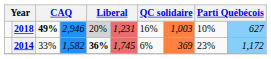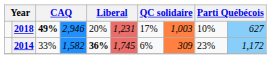 <table class="wikitable" style="float:right; width:400; font-size:90%; margin-left:1em;">
 <tr>
 <th colspan="2" scope="col">Year</th>
 <th colspan="2" scope="col"><a href='#'>CAQ</a></th>
 <th colspan="2" scope="col"><a href='#'>Liberal</a></th>
 <th colspan="2" scope="col"><a href='#'>QC solidaire</a></th>
 <th colspan="2" scope="col"><a href='#'>Parti Québécois</a></th>
 </tr>
 <tr>
 <td style="width: 0.25em; background-color: "></td>
 <th><a href='#'>2018</a></th>
 <td><strong>49%</strong></td>
 <td style="text-align:right; background:#1E90FF;"><em>2,946</em></td>
-<td style="background: lightgrey;">20%</td>
+<td>20%</td>
 <td style="text-align:right; background:#EA6D6A;"><em>1,231</em></td>
-<td>16%</td>
+<td>17%</td>
 <td style="text-align:right; background:#FF8040;"><em>1,003</em></td>
 <td>10%</td>
 <td style="text-align:right; background:#87CEFA;"><em>627</em></td>
 </tr>
 <tr>
 <td style="width: 0.25em; background-color: "></td>
 <th><a href='#'>2014</a></th>
 <td>33%</td>
 <td style="text-align:right; background:#1E90FF;"><em>1,582</em></td>
 <td><strong>36%</strong></td>
 <td style="text-align:right; background:#EA6D6A;"><em>1,745</em></td>
 <td>6%</td>
-<td style="text-align:right; background:#FF8040;"><em>369</em></td>
+<td style="text-align:right; background:#FF8040;"><em>309</em></td>
 <td>23%</td>
 <td style="text-align:right; background:#87CEFA;"><em>1,172</em></td>
 </tr>
 <tr>
 </tr>
 </table>
